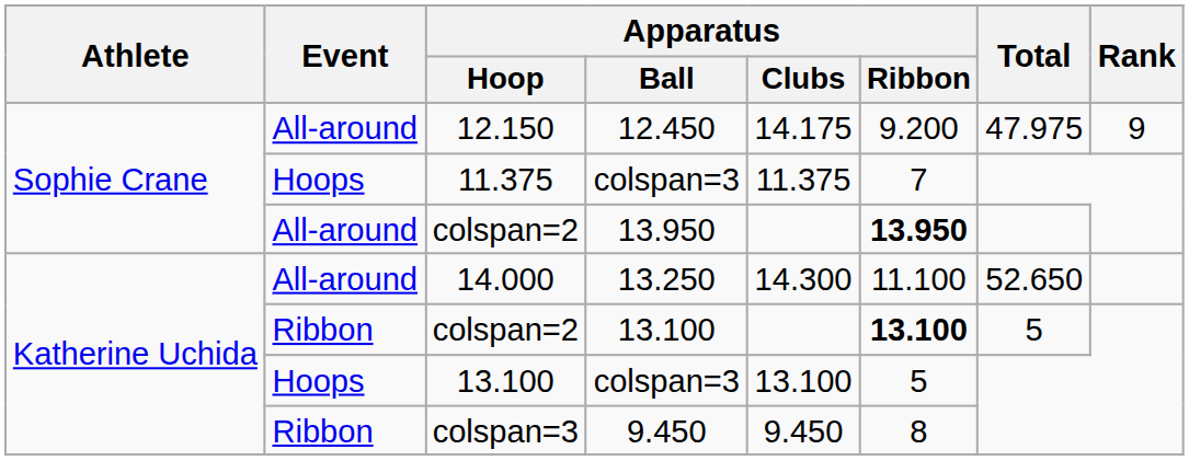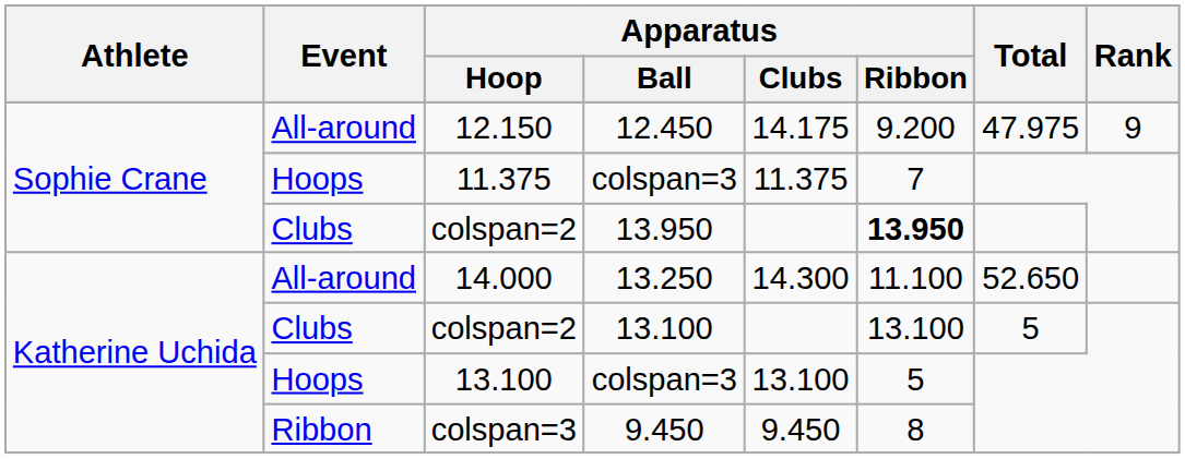 <table class=wikitable style="font-size:90%">
 <tr>
 <th rowspan=2>Athlete</th>
 <th rowspan=2>Event</th>
 <th colspan=4>Apparatus</th>
 <th rowspan=2>Total</th>
 <th rowspan=2>Rank</th>
 </tr>
 <tr style="font-size:95%;">
 <th>Hoop</th>
 <th>Ball</th>
 <th>Clubs</th>
 <th>Ribbon</th>
 </tr>
 <tr align=center>
 <td align=left rowspan=3><a href='#'>Sophie Crane</a></td>
 <td align=left><a href='#'>All-around</a></td>
 <td>12.150</td>
 <td>12.450</td>
 <td>14.175</td>
 <td>9.200</td>
 <td>47.975</td>
 <td>9</td>
 </tr>
 <tr align=center>
 <td align=left><a href='#'>Hoops</a></td>
 <td>11.375</td>
 <td>colspan=3 </td>
 <td>11.375</td>
 <td>7</td>
 </tr>
 <tr align=center>
-<td align=left><a href='#'>All-around</a></td>
+<td align=left><a href='#'>Clubs</a></td>
 <td>colspan=2 </td>
 <td>13.950</td>
 <td></td>
 <td><strong>13.950</strong></td>
 <td></td>
 </tr>
 <tr align=center>
 <td align=left rowspan=4><a href='#'>Katherine Uchida</a></td>
 <td align=left><a href='#'>All-around</a></td>
 <td>14.000</td>
 <td>13.250</td>
 <td>14.300</td>
 <td>11.100</td>
 <td>52.650</td>
 <td></td>
 </tr>
 <tr align=center>
-<td align=left><a href='#'>Ribbon</a></td>
+<td align=left><a href='#'>Clubs</a></td>
 <td>colspan=2 </td>
 <td>13.100</td>
 <td></td>
-<td><strong>13.100</strong></td>
+<td>13.100</td>
 <td>5</td>
 </tr>
 <tr align=center>
 <td align=left><a href='#'>Hoops</a></td>
 <td>13.100</td>
 <td>colspan=3 </td>
 <td>13.100</td>
 <td>5</td>
 </tr>
 <tr align=center>
 <td align=left><a href='#'>Ribbon</a></td>
 <td>colspan=3 </td>
 <td>9.450</td>
 <td>9.450</td>
 <td>8</td>
 </tr>
 </table>
